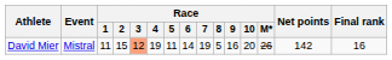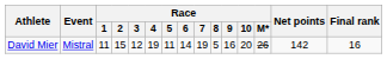 <table class="wikitable" style="font-size:90%">
 <tr>
 <th rowspan=2>Athlete</th>
 <th rowspan=2>Event</th>
 <th colspan=11>Race</th>
 <th rowspan=2>Net points</th>
 <th rowspan=2>Final rank</th>
 </tr>
 <tr style="font-size:95%">
 <th>1</th>
 <th>2</th>
 <th>3</th>
 <th>4</th>
 <th>5</th>
 <th>6</th>
 <th>7</th>
 <th>8</th>
 <th>9</th>
 <th>10</th>
 <th>M*</th>
 </tr>
 <tr align=center>
 <td align=left><a href='#'>David Mier</a></td>
 <td align=left><a href='#'>Mistral</a></td>
 <td>11</td>
 <td>15</td>
-<td style="background: lightsalmon;">12</td>
+<td>12</td>
 <td>19</td>
 <td>11</td>
 <td>14</td>
 <td>19</td>
 <td>5</td>
 <td>16</td>
 <td>20</td>
 <td><s>26</s></td>
 <td>142</td>
 <td>16</td>
 </tr>
 </table>
